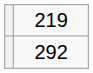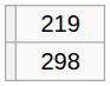 <table class="wikitable">
 <tr>
 <th></th>
 <td style="padding-left: 1em; padding-right: 1em">219</td>
 </tr>
 <tr>
 <th></th>
-<td style="padding-left: 1em; padding-right: 1em">292</td>
+<td style="padding-left: 1em; padding-right: 1em">298</td>
 </tr>
 </table>
